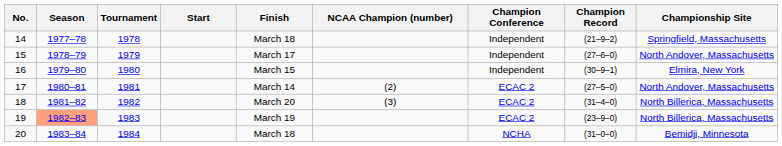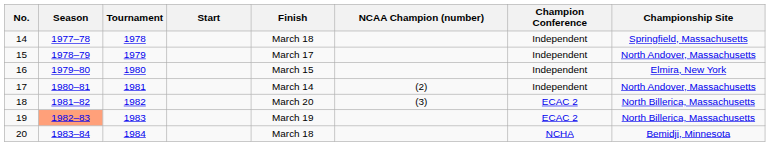 <table class="wikitable">
 <tr>
 <th style="width:3em">No.</th>
 <th style="width:6em">Season</th>
 <th style="width:6em">Tournament</th>
 <th style="width:8em">Start</th>
 <th style="width:8em">Finish</th>
 <th style="width:17em">NCAA Champion (number)</th>
 <th style="width:10em">Champion<br>Conference</th>
-<th style="width:7em">Champion<br>Record</th>
 <th style="width:15em">Championship Site</th>
 </tr>
 <tr style="text-align:center;">
 <td>14</td>
 <td><a href='#'>1977–78</a></td>
 <td><a href='#'>1978</a></td>
 <td></td>
 <td>March 18</td>
 <td><a href='#'></a></td>
 <td>Independent</td>
-<td><small>(21–9–2)</small></td>
 <td><a href='#'>Springfield, Massachusetts</a></td>
 </tr>
 <tr style="text-align:center;">
 <td>15</td>
 <td><a href='#'>1978–79</a></td>
 <td><a href='#'>1979</a></td>
 <td></td>
 <td>March 17</td>
 <td><a href='#'></a></td>
 <td>Independent</td>
-<td><small>(27–6–0)</small></td>
 <td><a href='#'>North Andover, Massachusetts</a></td>
 </tr>
 <tr style="text-align:center;">
 <td>16</td>
 <td><a href='#'>1979–80</a></td>
 <td><a href='#'>1980</a></td>
 <td></td>
 <td>March 15</td>
 <td><a href='#'></a></td>
 <td>Independent</td>
-<td><small>(30–9–1)</small></td>
 <td><a href='#'>Elmira, New York</a></td>
 </tr>
 <tr style="text-align:center;">
 <td>17</td>
 <td><a href='#'>1980–81</a></td>
 <td><a href='#'>1981</a></td>
 <td></td>
 <td>March 14</td>
 <td><a href='#'></a> (2)</td>
-<td><a href='#'>ECAC 2</a></td>
-<td><small>(27–5–0)</small></td>
+<td>Independent</td>
 <td><a href='#'>North Andover, Massachusetts</a></td>
 </tr>
 <tr style="text-align:center;">
 <td>18</td>
 <td><a href='#'>1981–82</a></td>
 <td><a href='#'>1982</a></td>
 <td></td>
 <td>March 20</td>
 <td><a href='#'></a> (3)</td>
 <td><a href='#'>ECAC 2</a></td>
-<td><small>(31–4–0)</small></td>
 <td><a href='#'>North Billerica, Massachusetts</a></td>
 </tr>
 <tr style="text-align:center;">
 <td>19</td>
 <td style="background: lightsalmon;"><a href='#'>1982–83</a></td>
 <td><a href='#'>1983</a></td>
 <td></td>
 <td>March 19</td>
 <td><a href='#'></a></td>
 <td><a href='#'>ECAC 2</a></td>
-<td><small>(23–9–0)</small></td>
 <td><a href='#'>North Billerica, Massachusetts</a></td>
 </tr>
 <tr style="text-align:center;">
 <td>20</td>
 <td><a href='#'>1983–84</a></td>
 <td><a href='#'>1984</a></td>
 <td></td>
 <td>March 18</td>
 <td><a href='#'></a></td>
 <td><a href='#'>NCHA</a></td>
-<td><small>(31–0–0)</small></td>
 <td><a href='#'>Bemidji, Minnesota</a></td>
 </tr>
 </table>
